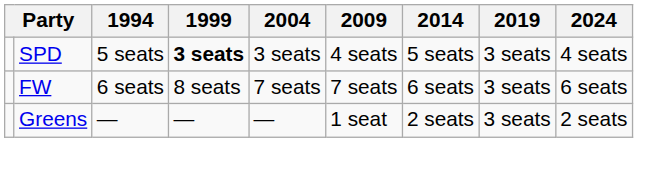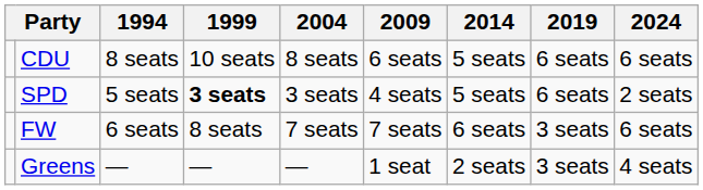 <table class="wikitable">
 <tr>
 <th colspan="2">Party</th>
 <th>1994</th>
 <th>1999</th>
 <th>2004</th>
 <th>2009</th>
 <th>2014</th>
 <th>2019</th>
 <th>2024</th>
 </tr>
 <tr>
 <td></td>
+<td><a href='#'>CDU</a></td>
+<td>8 seats</td>
+<td>10 seats</td>
+<td>8 seats</td>
+<td>6 seats</td>
+<td>5 seats</td>
+<td>6 seats</td>
+<td>6 seats</td>
+</tr>
+<tr>
+<td></td>
 <td><a href='#'>SPD</a></td>
 <td>5 seats</td>
 <td><strong>3 seats</strong></td>
 <td>3 seats</td>
 <td>4 seats</td>
 <td>5 seats</td>
-<td>3 seats</td>
-<td>4 seats</td>
+<td>6 seats</td>
+<td>2 seats</td>
 </tr>
 <tr>
 <td></td>
 <td><a href='#'>FW</a></td>
 <td>6 seats</td>
 <td>8 seats</td>
 <td>7 seats</td>
 <td>7 seats</td>
 <td>6 seats</td>
 <td>3 seats</td>
 <td>6 seats</td>
 </tr>
 <tr>
 <td></td>
 <td><a href='#'>Greens</a></td>
 <td>—</td>
 <td>—</td>
 <td>—</td>
 <td>1 seat</td>
 <td>2 seats</td>
 <td>3 seats</td>
-<td>2 seats</td>
+<td>4 seats</td>
 </tr>
 </table>
